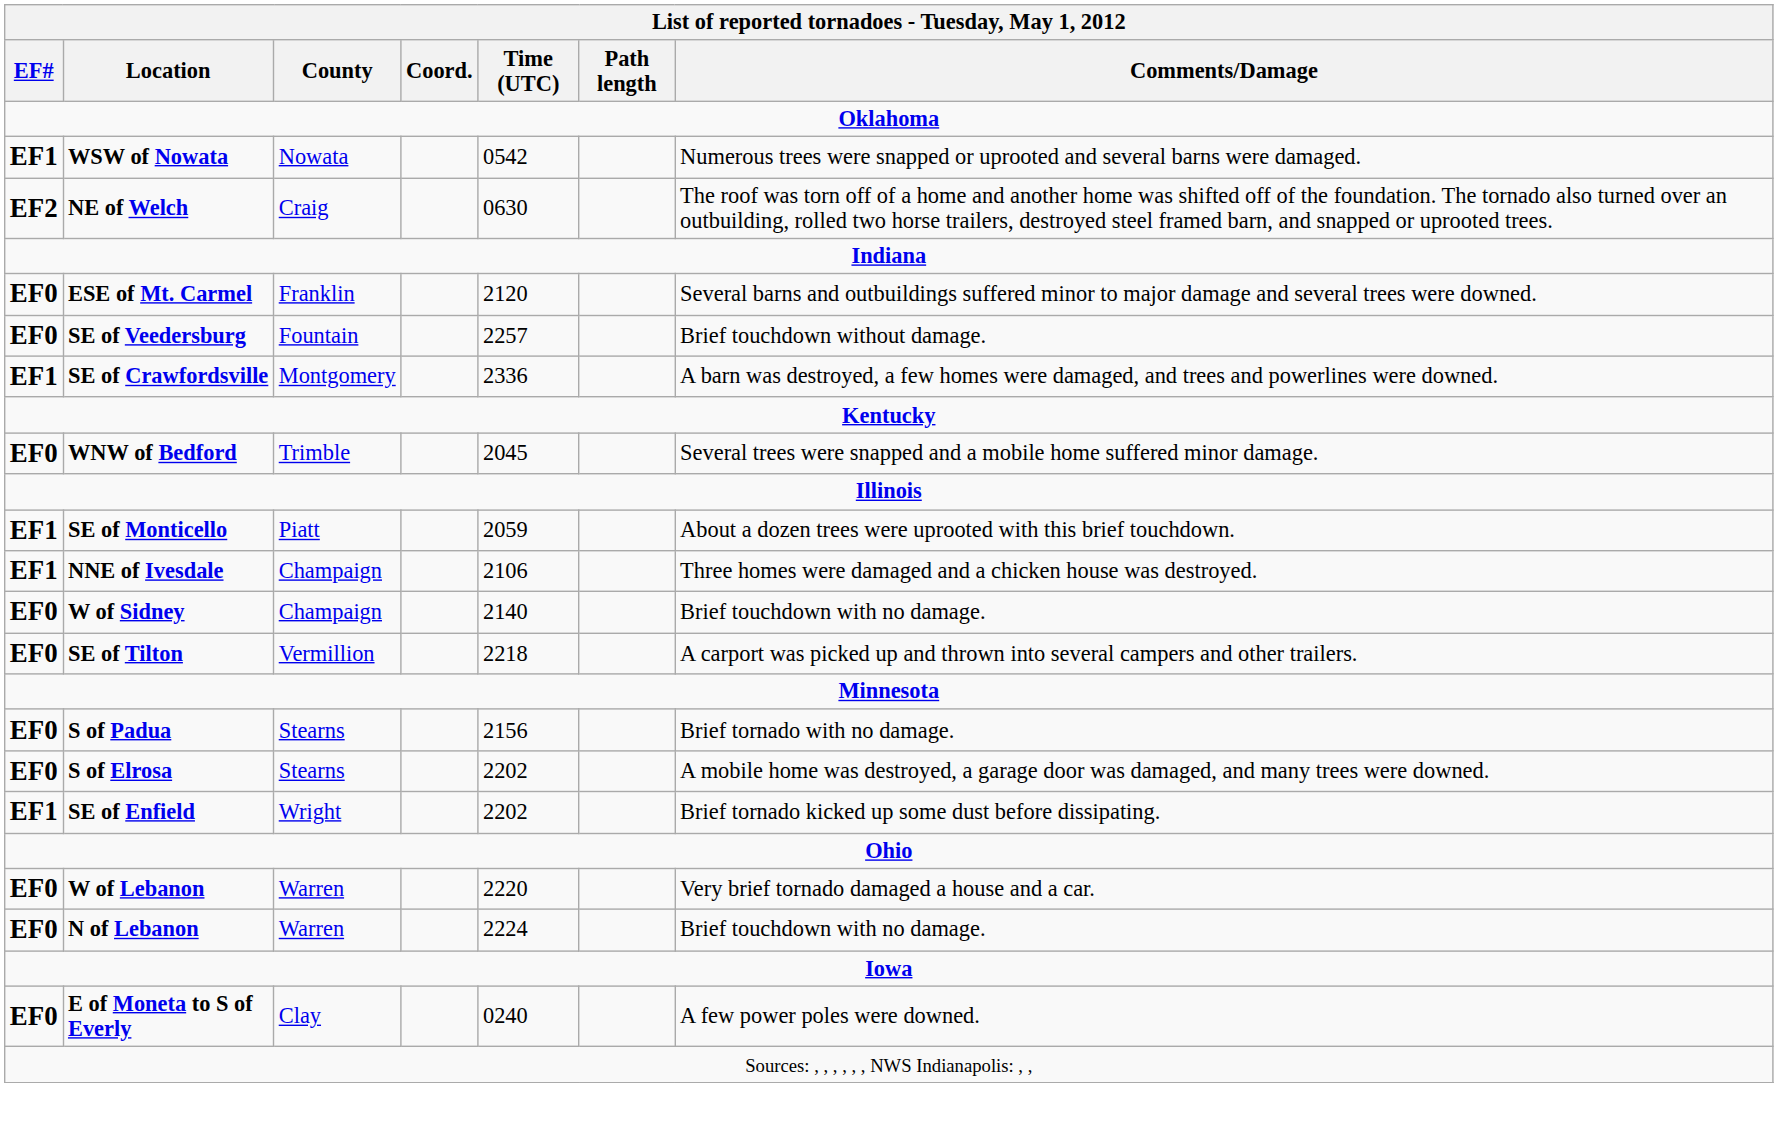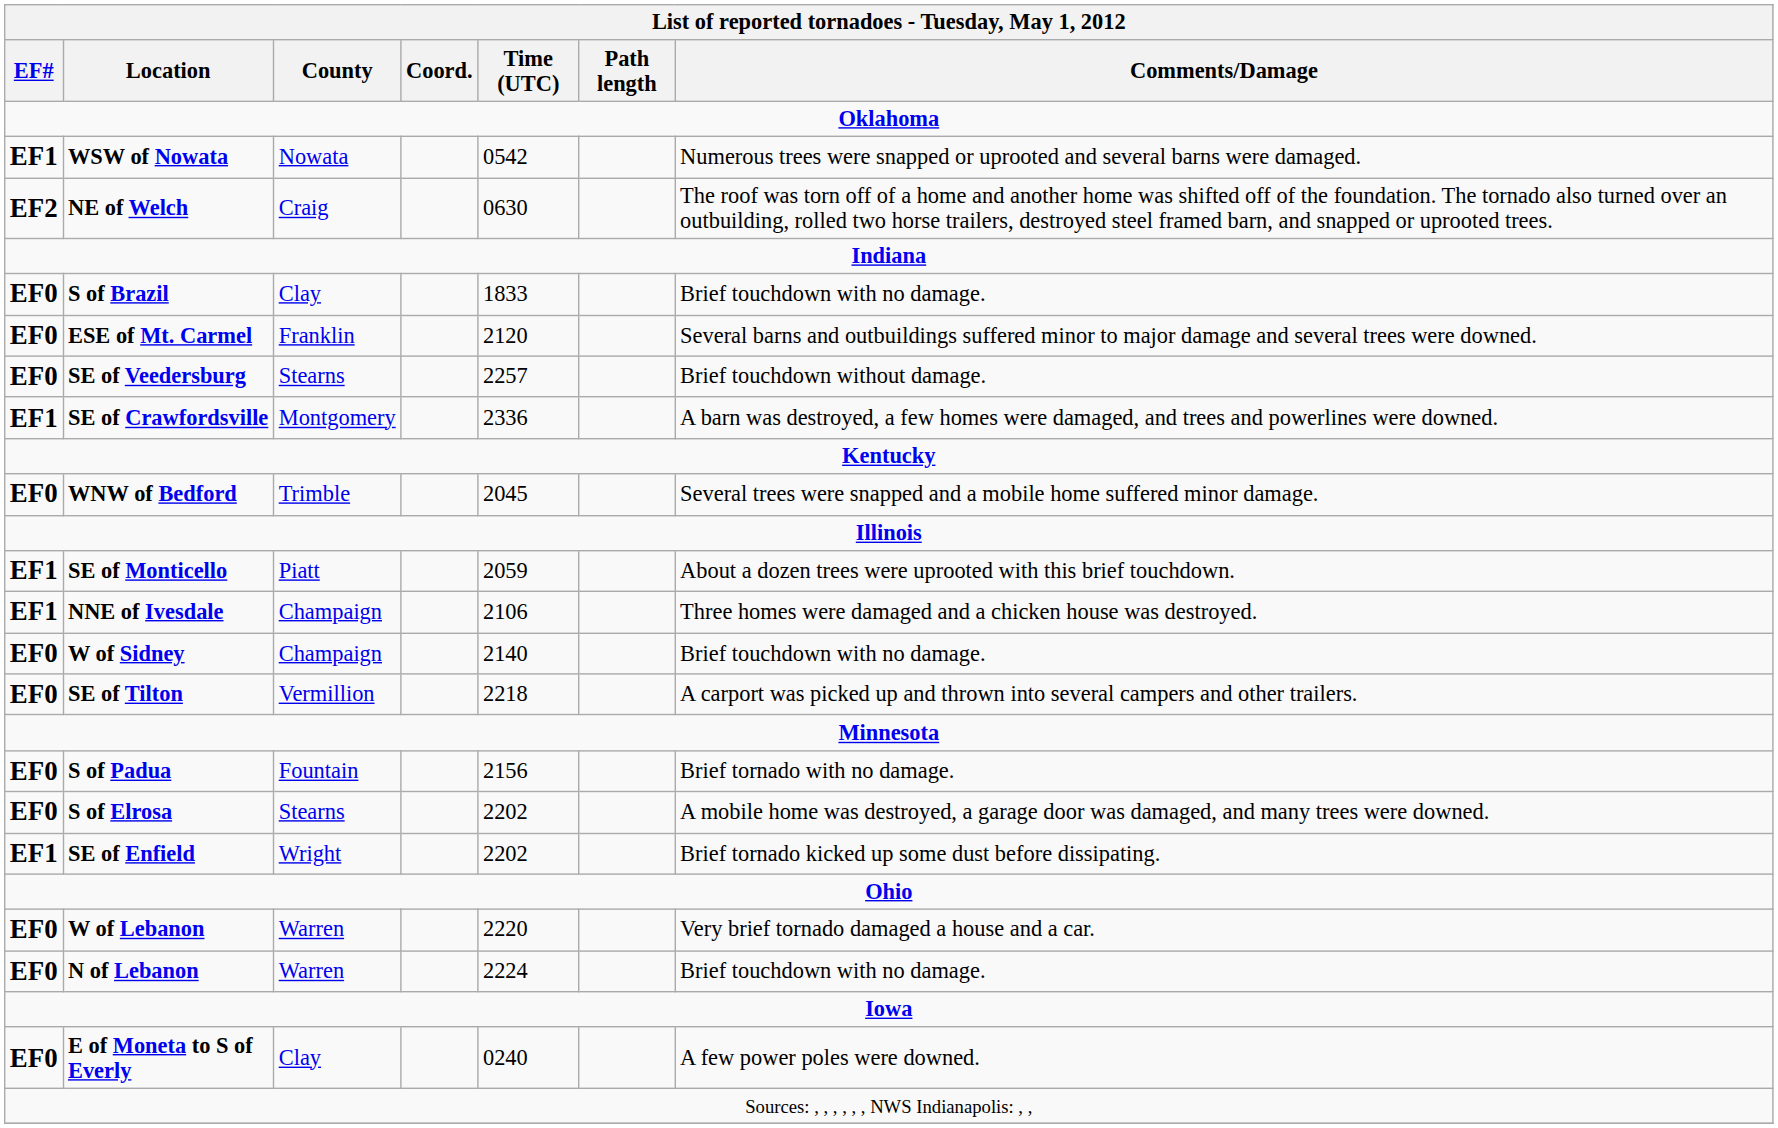 <table class="wikitable collapsible" width="100%">
 <tr>
 <th colspan="7">List of reported tornadoes - Tuesday, May 1, 2012</th>
 </tr>
 <tr>
 <th><a href='#'>EF#</a></th>
 <th>Location</th>
 <th>County</th>
 <th>Coord.</th>
 <th>Time (UTC)</th>
 <th>Path length</th>
 <th>Comments/Damage</th>
 </tr>
 <tr>
 <td colspan="7" align=center><strong><a href='#'>Oklahoma</a></strong></td>
 </tr>
 <tr>
 <td><big><strong>EF1</strong></big></td>
 <td><strong>WSW of <a href='#'>Nowata</a></strong></td>
 <td><a href='#'>Nowata</a></td>
 <td></td>
 <td>0542</td>
 <td></td>
 <td>Numerous trees were snapped or uprooted and several barns were damaged.</td>
 </tr>
 <tr>
 <td><big><strong>EF2</strong></big></td>
 <td><strong>NE of <a href='#'>Welch</a></strong></td>
 <td><a href='#'>Craig</a></td>
 <td></td>
 <td>0630</td>
 <td></td>
 <td>The roof was torn off of a home and another home was shifted off of the foundation. The tornado also turned over an outbuilding, rolled two horse trailers, destroyed steel framed barn, and snapped or uprooted trees.</td>
 </tr>
 <tr>
 <td colspan="7" align=center><strong><a href='#'>Indiana</a></strong></td>
 </tr>
 <tr>
 <td><big><strong>EF0</strong></big></td>
+<td><strong>S of <a href='#'>Brazil</a></strong></td>
+<td><a href='#'>Clay</a></td>
+<td></td>
+<td>1833</td>
+<td></td>
+<td>Brief touchdown with no damage.</td>
+</tr>
+<tr>
+<td><big><strong>EF0</strong></big></td>
 <td><strong>ESE of <a href='#'>Mt. Carmel</a></strong></td>
 <td><a href='#'>Franklin</a></td>
 <td></td>
 <td>2120</td>
 <td></td>
 <td>Several barns and outbuildings suffered minor to major damage and several trees were downed.</td>
 </tr>
 <tr>
 <td><big><strong>EF0</strong></big></td>
 <td><strong>SE of <a href='#'>Veedersburg</a></strong></td>
-<td><a href='#'>Fountain</a></td>
+<td><a href='#'>Stearns</a></td>
 <td></td>
 <td>2257</td>
 <td></td>
 <td>Brief touchdown without damage.</td>
 </tr>
 <tr>
 <td><big><strong>EF1</strong></big></td>
 <td><strong>SE of <a href='#'>Crawfordsville</a></strong></td>
 <td><a href='#'>Montgomery</a></td>
 <td></td>
 <td>2336</td>
 <td></td>
 <td>A barn was destroyed, a few homes were damaged, and trees and powerlines were downed.</td>
 </tr>
 <tr>
 <td colspan="7" align=center><strong><a href='#'>Kentucky</a></strong></td>
 </tr>
 <tr>
 <td><big><strong>EF0</strong></big></td>
 <td><strong>WNW of <a href='#'>Bedford</a></strong></td>
 <td><a href='#'>Trimble</a></td>
 <td></td>
 <td>2045</td>
 <td></td>
 <td>Several trees were snapped and a mobile home suffered minor damage.</td>
 </tr>
 <tr>
 <td colspan="7" align=center><strong><a href='#'>Illinois</a></strong></td>
 </tr>
 <tr>
 <td><big><strong>EF1</strong></big></td>
 <td><strong>SE of <a href='#'>Monticello</a></strong></td>
 <td><a href='#'>Piatt</a></td>
 <td></td>
 <td>2059</td>
 <td></td>
 <td>About a dozen trees were uprooted with this brief touchdown.</td>
 </tr>
 <tr>
 <td><big><strong>EF1</strong></big></td>
 <td><strong>NNE of <a href='#'>Ivesdale</a></strong></td>
 <td><a href='#'>Champaign</a></td>
 <td></td>
 <td>2106</td>
 <td></td>
 <td>Three homes were damaged and a chicken house was destroyed.</td>
 </tr>
 <tr>
 <td><big><strong>EF0</strong></big></td>
 <td><strong>W of <a href='#'>Sidney</a></strong></td>
 <td><a href='#'>Champaign</a></td>
 <td></td>
 <td>2140</td>
 <td></td>
 <td>Brief touchdown with no damage.</td>
 </tr>
 <tr>
 <td><big><strong>EF0</strong></big></td>
 <td><strong>SE of <a href='#'>Tilton</a></strong></td>
 <td><a href='#'>Vermillion</a></td>
 <td></td>
 <td>2218</td>
 <td></td>
 <td>A carport was picked up and thrown into several campers and other trailers.</td>
 </tr>
 <tr>
 <td colspan="7" align=center><strong><a href='#'>Minnesota</a></strong></td>
 </tr>
 <tr>
 <td><big><strong>EF0</strong></big></td>
 <td><strong>S of <a href='#'>Padua</a></strong></td>
-<td><a href='#'>Stearns</a></td>
+<td><a href='#'>Fountain</a></td>
 <td></td>
 <td>2156</td>
 <td></td>
 <td>Brief tornado with no damage.</td>
 </tr>
 <tr>
 <td><big><strong>EF0</strong></big></td>
 <td><strong>S of <a href='#'>Elrosa</a></strong></td>
 <td><a href='#'>Stearns</a></td>
 <td></td>
 <td>2202</td>
 <td></td>
 <td>A mobile home was destroyed, a garage door was damaged, and many trees were downed.</td>
 </tr>
 <tr>
 <td><big><strong>EF1</strong></big></td>
 <td><strong>SE of <a href='#'>Enfield</a></strong></td>
 <td><a href='#'>Wright</a></td>
 <td></td>
 <td>2202</td>
 <td></td>
 <td>Brief tornado kicked up some dust before dissipating.</td>
 </tr>
 <tr>
 <td colspan="7" align=center><strong><a href='#'>Ohio</a></strong></td>
 </tr>
 <tr>
 <td><big><strong>EF0</strong></big></td>
 <td><strong>W of <a href='#'>Lebanon</a></strong></td>
 <td><a href='#'>Warren</a></td>
 <td></td>
 <td>2220</td>
 <td></td>
 <td>Very brief tornado damaged a house and a car.</td>
 </tr>
 <tr>
 <td><big><strong>EF0</strong></big></td>
 <td><strong>N of <a href='#'>Lebanon</a></strong></td>
 <td><a href='#'>Warren</a></td>
 <td></td>
 <td>2224</td>
 <td></td>
 <td>Brief touchdown with no damage.</td>
 </tr>
 <tr>
 <td colspan="7" align=center><strong><a href='#'>Iowa</a></strong></td>
 </tr>
 <tr>
 <td><big><strong>EF0</strong></big></td>
 <td><strong>E of <a href='#'>Moneta</a> to S of <a href='#'>Everly</a></strong></td>
 <td><a href='#'>Clay</a></td>
 <td></td>
 <td>0240</td>
 <td></td>
 <td>A few power poles were downed.</td>
 </tr>
 <tr>
 <td colspan="7" align=center><small>Sources: , , , ,  , , NWS Indianapolis: , , </small></td>
 </tr>
 <tr>
 </tr>
 </table>
